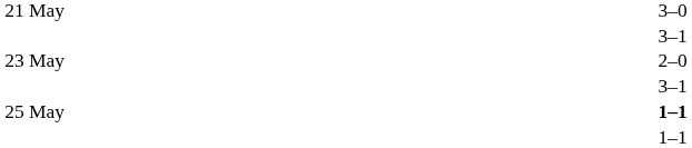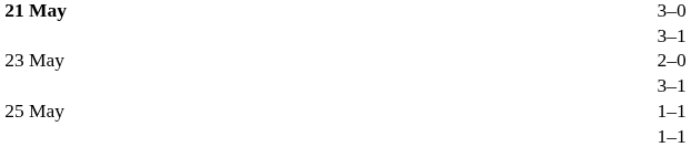 <table cellspacing=1 width=70%>
 <tr>
 <th width=25%></th>
 <th width=30%></th>
 <th width=15%></th>
 <th width=30%></th>
 </tr>
 <tr>
-<td>21 May</td>
+<td><strong>21 May</strong></td>
 <td align=right></td>
 <td align=center>3–0</td>
 <td></td>
 </tr>
 <tr>
 <td></td>
 <td align=right></td>
 <td align=center>3–1</td>
 <td></td>
 </tr>
 <tr>
 <td>23 May</td>
 <td align=right></td>
 <td align=center>2–0</td>
 <td></td>
 </tr>
 <tr>
 <td></td>
 <td align=right></td>
 <td align=center>3–1</td>
 <td></td>
 </tr>
 <tr>
 <td>25 May</td>
 <td align=right></td>
-<td align=center><strong>1–1</strong></td>
+<td align=center>1–1</td>
 <td></td>
 </tr>
 <tr>
 <td></td>
 <td align=right></td>
 <td align=center>1–1</td>
 <td></td>
 </tr>
 </table>
